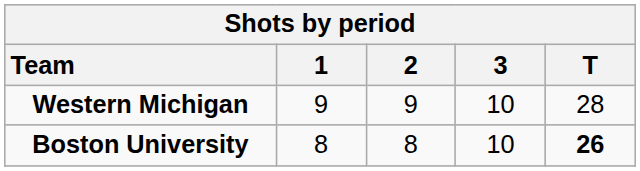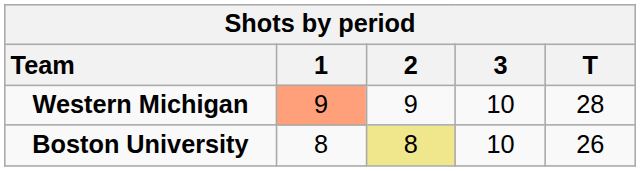 <table class="wikitable" style="width:25em; text-align:right;">
 <tr>
 <th colspan=6>Shots by period</th>
 </tr>
 <tr>
 <th style="width:10em; text-align:left;">Team</th>
 <th style="width:3em;">1</th>
 <th style="width:3em;">2</th>
 <th style="width:3em;">3</th>
 <th style="width:3em;">T</th>
 </tr>
 <tr>
 <td align=center><strong>Western Michigan</strong></td>
-<td align=center>9</td>
+<td align=center style="background: lightsalmon;">9</td>
 <td align=center>9</td>
 <td align=center>10</td>
 <td align=center>28</td>
 </tr>
 <tr>
 <td align=center><strong>Boston University</strong></td>
 <td align=center>8</td>
-<td align=center>8</td>
+<td align=center style="background: khaki;">8</td>
 <td align=center>10</td>
-<td align=center><strong>26</strong></td>
+<td align=center>26</td>
 </tr>
 </table>
